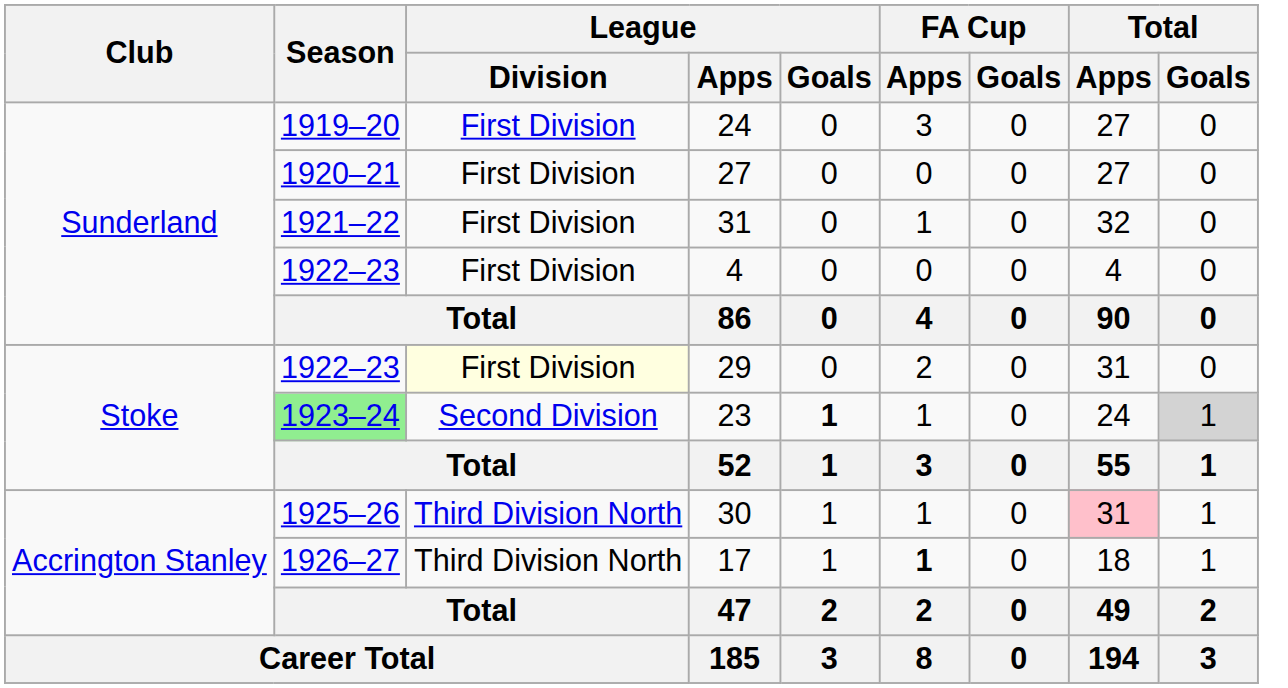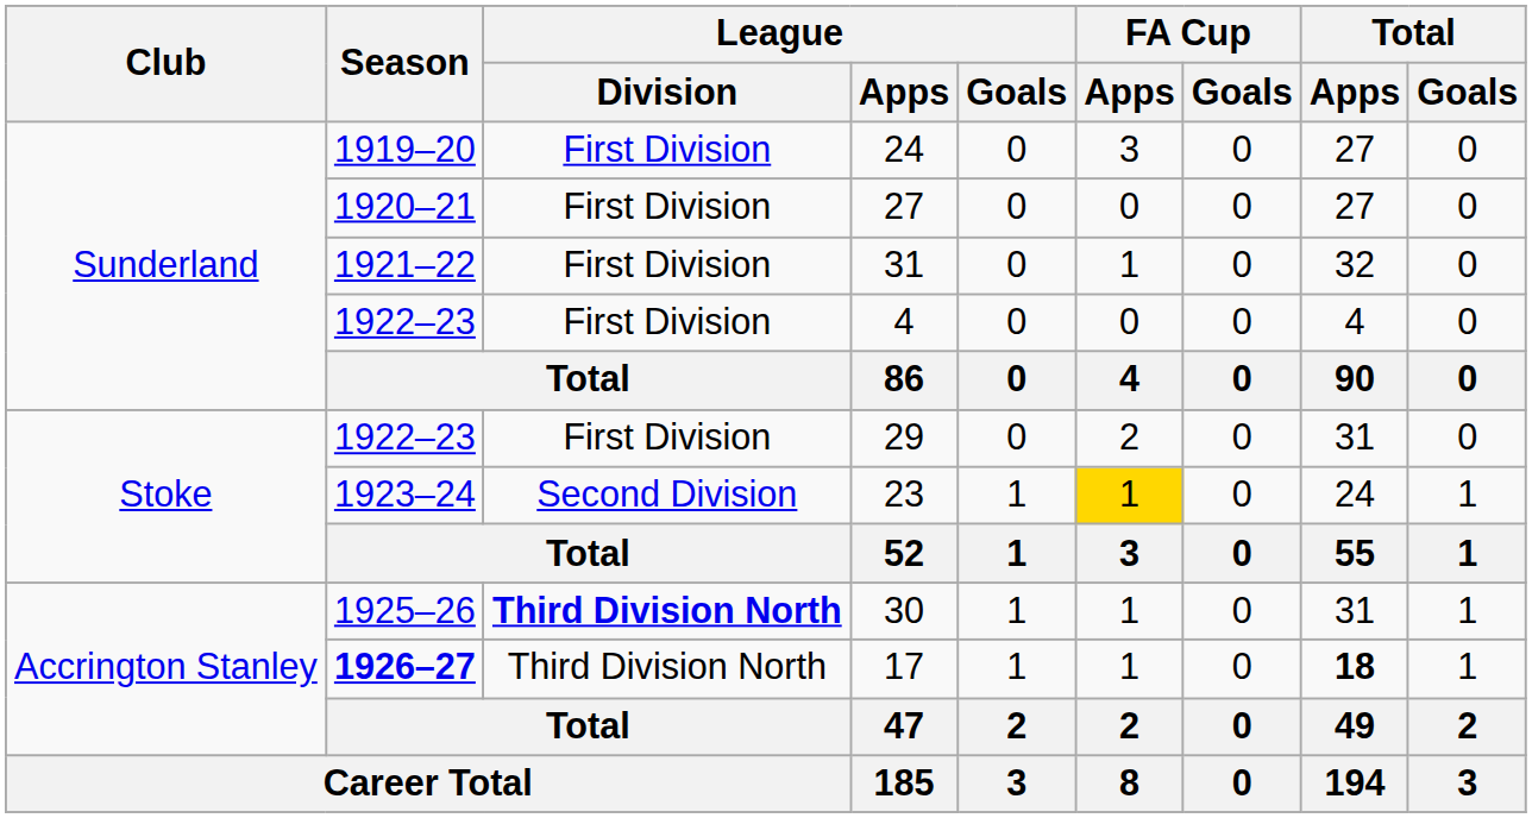 <table class="wikitable" style="text-align: center;">
 <tr>
 <th rowspan="2">Club</th>
 <th rowspan="2">Season</th>
 <th colspan="3">League</th>
 <th colspan="2">FA Cup</th>
 <th colspan="2">Total</th>
 </tr>
 <tr>
 <th>Division</th>
 <th>Apps</th>
 <th>Goals</th>
 <th>Apps</th>
 <th>Goals</th>
 <th>Apps</th>
 <th>Goals</th>
 </tr>
 <tr>
 <td rowspan="5"><a href='#'>Sunderland</a></td>
 <td><a href='#'>1919–20</a></td>
 <td><a href='#'>First Division</a></td>
 <td>24</td>
 <td>0</td>
 <td>3</td>
 <td>0</td>
 <td>27</td>
 <td>0</td>
 </tr>
 <tr>
 <td><a href='#'>1920–21</a></td>
 <td>First Division</td>
 <td>27</td>
 <td>0</td>
 <td>0</td>
 <td>0</td>
 <td>27</td>
 <td>0</td>
 </tr>
 <tr>
 <td><a href='#'>1921–22</a></td>
 <td>First Division</td>
 <td>31</td>
 <td>0</td>
 <td>1</td>
 <td>0</td>
 <td>32</td>
 <td>0</td>
 </tr>
 <tr>
 <td><a href='#'>1922–23</a></td>
 <td>First Division</td>
 <td>4</td>
 <td>0</td>
 <td>0</td>
 <td>0</td>
 <td>4</td>
 <td>0</td>
 </tr>
 <tr>
 <th colspan=2>Total</th>
 <th>86</th>
 <th>0</th>
 <th>4</th>
 <th>0</th>
 <th>90</th>
 <th>0</th>
 </tr>
 <tr>
 <td rowspan="3"><a href='#'>Stoke</a></td>
 <td><a href='#'>1922–23</a></td>
-<td style="background: lightyellow;">First Division</td>
+<td>First Division</td>
 <td>29</td>
 <td>0</td>
 <td>2</td>
 <td>0</td>
 <td>31</td>
 <td>0</td>
 </tr>
 <tr>
-<td style="background: lightgreen;"><a href='#'>1923–24</a></td>
+<td><a href='#'>1923–24</a></td>
 <td><a href='#'>Second Division</a></td>
 <td>23</td>
-<td><strong>1</strong></td>
 <td>1</td>
+<td style="background: gold;">1</td>
 <td>0</td>
 <td>24</td>
-<td style="background: lightgrey;">1</td>
+<td>1</td>
 </tr>
 <tr>
 <th colspan=2>Total</th>
 <th>52</th>
 <th>1</th>
 <th>3</th>
 <th>0</th>
 <th>55</th>
 <th>1</th>
 </tr>
 <tr>
 <td rowspan="3"><a href='#'>Accrington Stanley</a></td>
 <td><a href='#'>1925–26</a></td>
-<td><a href='#'>Third Division North</a></td>
+<td><strong><a href='#'>Third Division North</a></strong></td>
 <td>30</td>
 <td>1</td>
 <td>1</td>
 <td>0</td>
-<td style="background: pink;">31</td>
+<td>31</td>
 <td>1</td>
 </tr>
 <tr>
-<td><a href='#'>1926–27</a></td>
+<td><strong><a href='#'>1926–27</a></strong></td>
 <td>Third Division North</td>
 <td>17</td>
 <td>1</td>
-<td><strong>1</strong></td>
+<td>1</td>
 <td>0</td>
-<td>18</td>
+<td><strong>18</strong></td>
 <td>1</td>
 </tr>
 <tr>
 <th colspan=2>Total</th>
 <th>47</th>
 <th>2</th>
 <th>2</th>
 <th>0</th>
 <th>49</th>
 <th>2</th>
 </tr>
 <tr>
 <th colspan=3>Career Total</th>
 <th>185</th>
 <th>3</th>
 <th>8</th>
 <th>0</th>
 <th>194</th>
 <th>3</th>
 </tr>
 </table>
